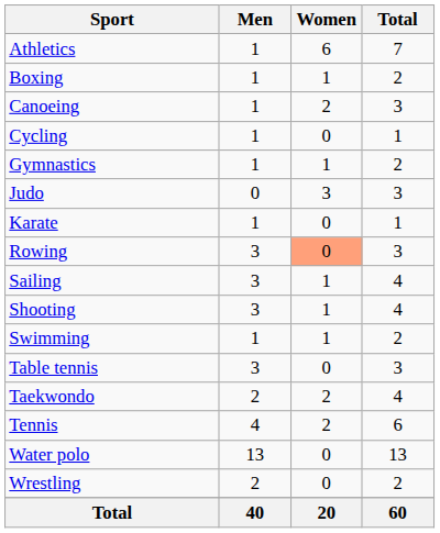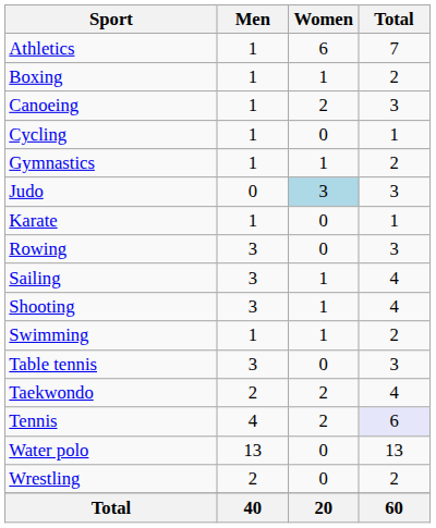 <table class="wikitable sortable" style="text-align:center;">
 <tr>
 <th width=180>Sport</th>
 <th width=55>Men</th>
 <th width=55>Women</th>
 <th width=55>Total</th>
 </tr>
 <tr>
 <td align=left><a href='#'>Athletics</a></td>
 <td>1</td>
 <td>6</td>
 <td>7</td>
 </tr>
 <tr>
 <td align=left><a href='#'>Boxing</a></td>
 <td>1</td>
 <td>1</td>
 <td>2</td>
 </tr>
 <tr>
 <td align=left><a href='#'>Canoeing</a></td>
 <td>1</td>
 <td>2</td>
 <td>3</td>
 </tr>
 <tr>
 <td align=left><a href='#'>Cycling</a></td>
 <td>1</td>
 <td>0</td>
 <td>1</td>
 </tr>
 <tr>
 <td align=left><a href='#'>Gymnastics</a></td>
 <td>1</td>
 <td>1</td>
 <td>2</td>
 </tr>
 <tr>
 <td align=left><a href='#'>Judo</a></td>
 <td>0</td>
-<td>3</td>
+<td style="background: lightblue;">3</td>
 <td>3</td>
 </tr>
 <tr>
 <td align=left><a href='#'>Karate</a></td>
 <td>1</td>
 <td>0</td>
 <td>1</td>
 </tr>
 <tr>
 <td align=left><a href='#'>Rowing</a></td>
 <td>3</td>
-<td style="background: lightsalmon;">0</td>
+<td>0</td>
 <td>3</td>
 </tr>
 <tr>
 <td align=left><a href='#'>Sailing</a></td>
 <td>3</td>
 <td>1</td>
 <td>4</td>
 </tr>
 <tr>
 <td align=left><a href='#'>Shooting</a></td>
 <td>3</td>
 <td>1</td>
 <td>4</td>
 </tr>
 <tr>
 <td align=left><a href='#'>Swimming</a></td>
 <td>1</td>
 <td>1</td>
 <td>2</td>
 </tr>
 <tr>
 <td align=left><a href='#'>Table tennis</a></td>
 <td>3</td>
 <td>0</td>
 <td>3</td>
 </tr>
 <tr>
 <td align=left><a href='#'>Taekwondo</a></td>
 <td>2</td>
 <td>2</td>
 <td>4</td>
 </tr>
 <tr>
 <td align=left><a href='#'>Tennis</a></td>
 <td>4</td>
 <td>2</td>
-<td>6</td>
+<td style="background: lavender;">6</td>
 </tr>
 <tr>
 <td align=left><a href='#'>Water polo</a></td>
 <td>13</td>
 <td>0</td>
 <td>13</td>
 </tr>
 <tr>
 <td align=left><a href='#'>Wrestling</a></td>
 <td>2</td>
 <td>0</td>
 <td>2</td>
 </tr>
 <tr>
 </tr>
 <tr class="sortbottom">
 <th>Total</th>
 <th>40</th>
 <th>20</th>
 <th>60</th>
 </tr>
 </table>
